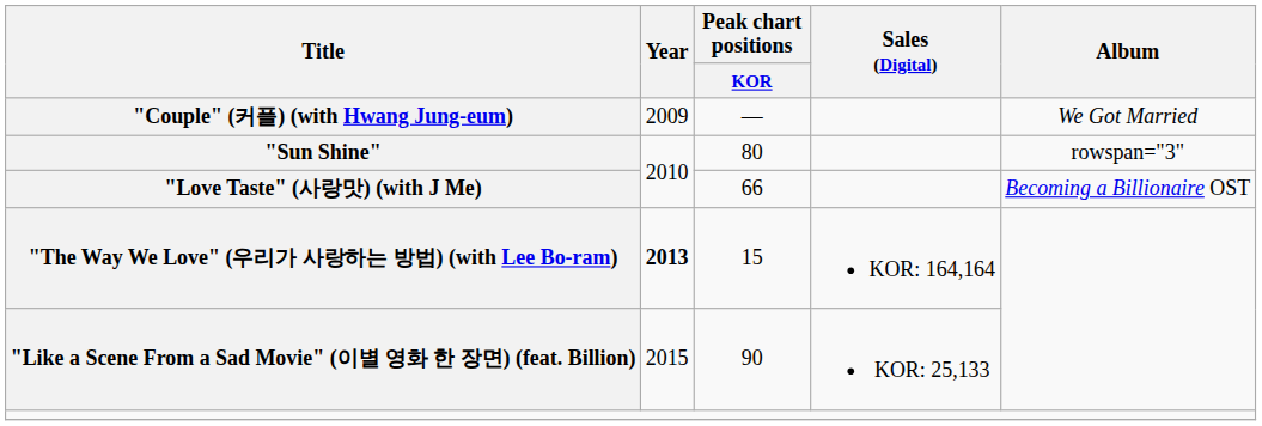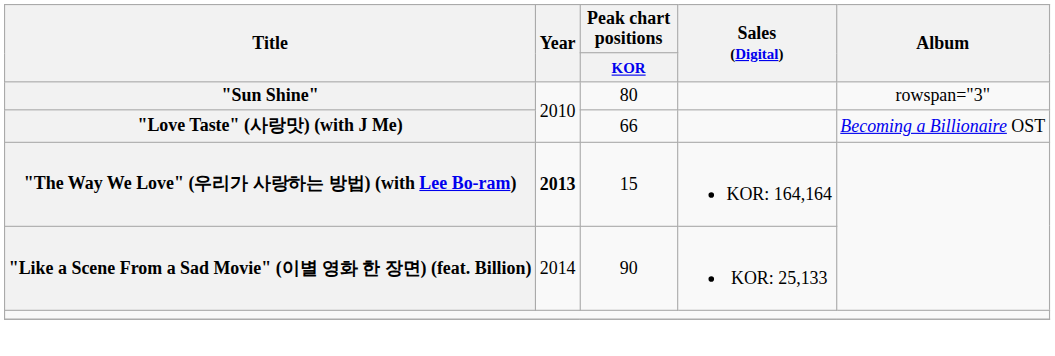 <table class="wikitable plainrowheaders" style="text-align:center;">
 <tr>
 <th scope="col" rowspan="2">Title</th>
 <th scope="col" rowspan="2">Year</th>
 <th scope="col" colspan="1" style="width:5em;">Peak chart positions</th>
 <th scope="col" rowspan="2">Sales<br><small>(<a href='#'>Digital</a>)</small></th>
 <th scope="col" rowspan="2">Album</th>
 </tr>
 <tr>
 <th><small><a href='#'>KOR</a></small><br></th>
-</tr>
-<tr>
-<th scope="row">"Couple" (커플) (with <a href='#'>Hwang Jung-eum</a>)</th>
-<td>2009</td>
-<td>—</td>
-<td></td>
-<td><em>We Got Married</em></td>
 </tr>
 <tr>
 <th scope="row">"Sun Shine"</th>
 <td rowspan="2">2010</td>
 <td>80</td>
 <td></td>
 <td>rowspan="3" </td>
 </tr>
 <tr>
 <th scope="row">"Love Taste" (사랑맛) (with J Me)</th>
 <td>66</td>
 <td></td>
 <td><em><a href='#'>Becoming a Billionaire</a></em> OST</td>
 </tr>
 <tr>
 <th scope="row">"The Way We Love" (우리가 사랑하는 방법) (with <a href='#'>Lee Bo-ram</a>)</th>
 <td><strong>2013</strong></td>
 <td>15</td>
 <td><br><ul><li>KOR: 164,164</li></ul></td>
 </tr>
 <tr>
 <th scope="row">"Like a Scene From a Sad Movie" (이별 영화 한 장면) (feat. Billion)</th>
-<td>2015</td>
+<td>2014</td>
 <td>90</td>
 <td><br><ul><li>KOR: 25,133</li></ul></td>
 </tr>
 <tr>
 <td colspan="5"></td>
 </tr>
 <tr>
 </tr>
 </table>
